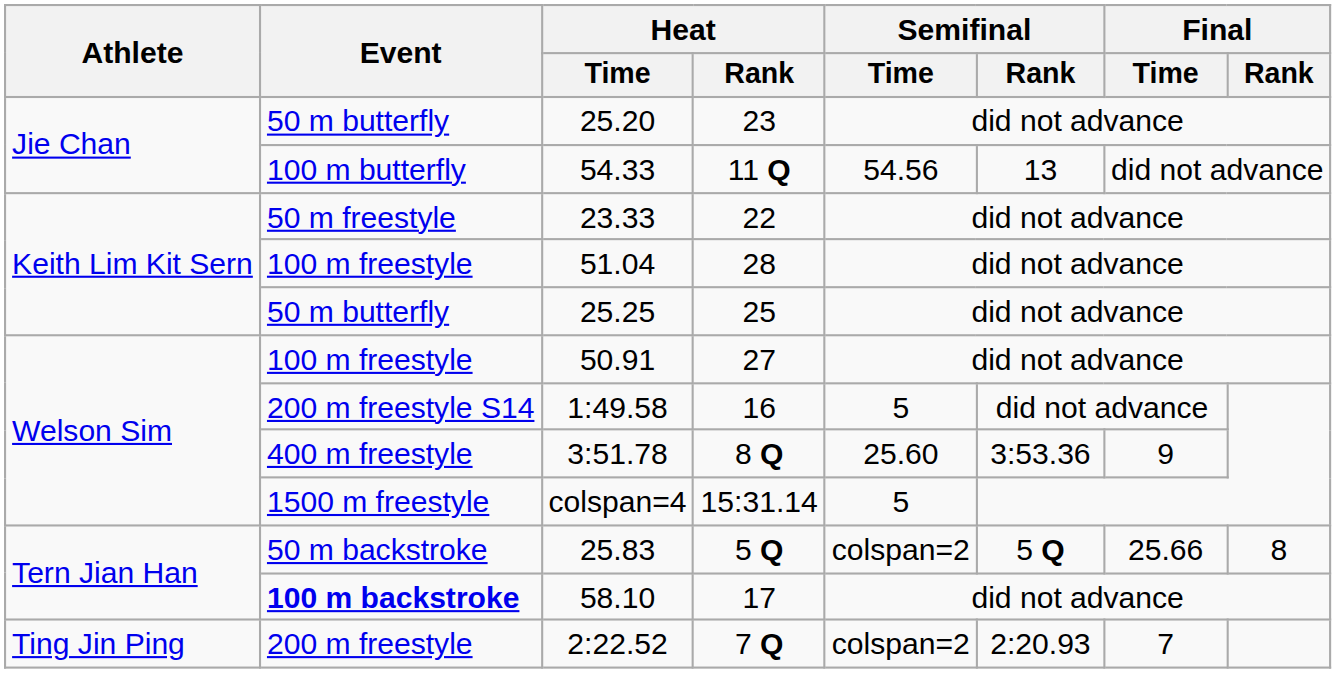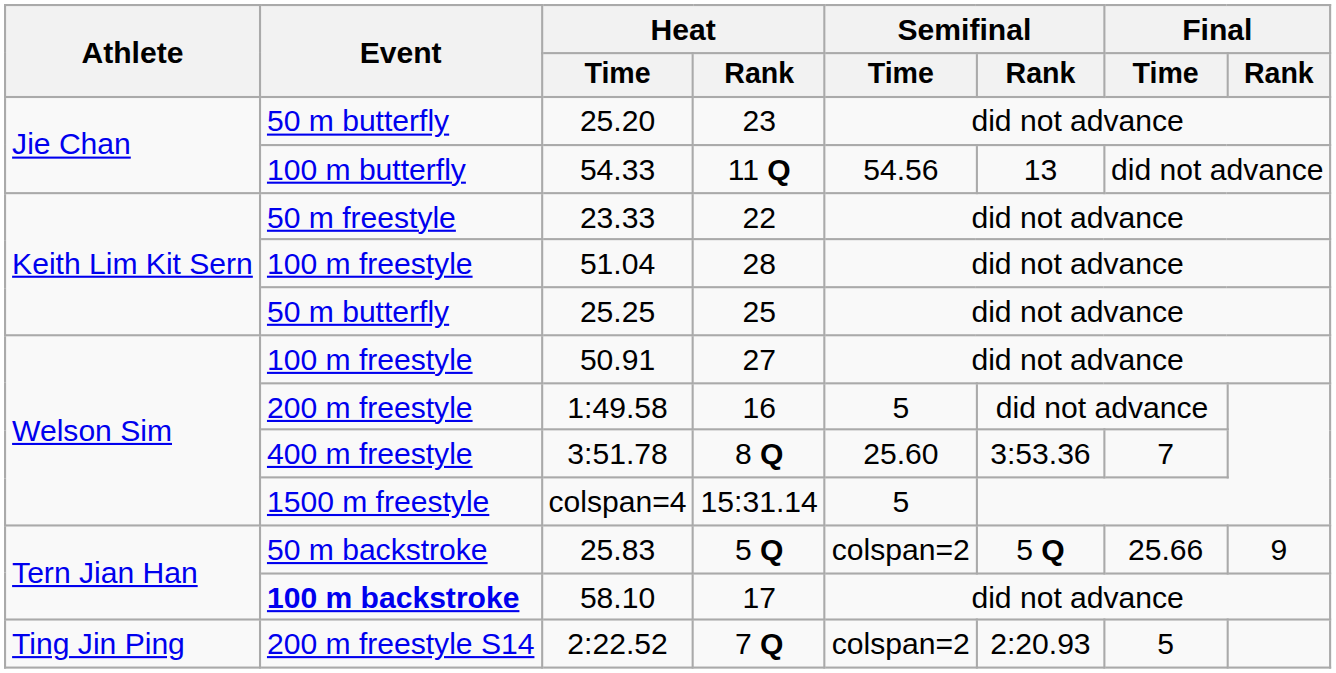 <table class=wikitable style=font-size:90%>
 <tr>
 <th rowspan=2>Athlete</th>
 <th rowspan=2>Event</th>
 <th colspan=2>Heat</th>
 <th colspan=2>Semifinal</th>
 <th colspan=2>Final</th>
 </tr>
 <tr style=font-size:95%>
 <th>Time</th>
 <th>Rank</th>
 <th>Time</th>
 <th>Rank</th>
 <th>Time</th>
 <th>Rank</th>
 </tr>
 <tr align=center>
 <td align=left rowspan=2><a href='#'>Jie Chan</a></td>
 <td align=left><a href='#'>50 m butterfly</a></td>
 <td>25.20</td>
 <td>23</td>
 <td colspan=4>did not advance</td>
 </tr>
 <tr align=center>
 <td align=left><a href='#'>100 m butterfly</a></td>
 <td>54.33</td>
 <td>11 <strong>Q</strong></td>
 <td>54.56</td>
 <td>13</td>
 <td colspan=2>did not advance</td>
 </tr>
 <tr align=center>
 <td align=left rowspan=3><a href='#'>Keith Lim Kit Sern</a></td>
 <td align=left><a href='#'>50 m freestyle</a></td>
 <td>23.33</td>
 <td>22</td>
 <td colspan=4>did not advance</td>
 </tr>
 <tr align=center>
 <td align=left><a href='#'>100 m freestyle</a></td>
 <td>51.04</td>
 <td>28</td>
 <td colspan=4>did not advance</td>
 </tr>
 <tr align=center>
 <td align=left><a href='#'>50 m butterfly</a></td>
 <td>25.25</td>
 <td>25</td>
 <td colspan=4>did not advance</td>
 </tr>
 <tr align=center>
 <td align=left rowspan=4><a href='#'>Welson Sim</a></td>
 <td align=left><a href='#'>100 m freestyle</a></td>
 <td>50.91</td>
 <td>27</td>
 <td colspan=4>did not advance</td>
 </tr>
 <tr align=center>
-<td align=left><a href='#'>200 m freestyle S14</a></td>
+<td align=left><a href='#'>200 m freestyle</a></td>
 <td>1:49.58</td>
 <td>16</td>
 <td>5</td>
 <td colspan=2>did not advance</td>
 </tr>
 <tr align=center>
 <td align=left><a href='#'>400 m freestyle</a></td>
 <td>3:51.78</td>
 <td>8 <strong>Q</strong></td>
 <td>25.60</td>
 <td>3:53.36</td>
-<td>9</td>
+<td>7</td>
 </tr>
 <tr align=center>
 <td align=left><a href='#'>1500 m freestyle</a></td>
 <td>colspan=4 </td>
 <td>15:31.14</td>
 <td>5</td>
 </tr>
 <tr align=center>
 <td align=left rowspan=2><a href='#'>Tern Jian Han</a></td>
 <td align=left><a href='#'>50 m backstroke</a></td>
 <td>25.83</td>
 <td>5 <strong>Q</strong></td>
 <td>colspan=2 </td>
 <td>5 <strong>Q</strong></td>
 <td>25.66</td>
-<td>8</td>
+<td>9</td>
 </tr>
 <tr align=center>
 <td align=left><strong><a href='#'>100 m backstroke</a></strong></td>
 <td>58.10</td>
 <td>17</td>
 <td colspan=4>did not advance</td>
 </tr>
 <tr align=center>
 <td align=left><a href='#'>Ting Jin Ping</a></td>
-<td align=left><a href='#'>200 m freestyle</a></td>
+<td align=left><a href='#'>200 m freestyle S14</a></td>
 <td>2:22.52</td>
 <td>7 <strong>Q</strong></td>
 <td>colspan=2 </td>
 <td>2:20.93</td>
-<td>7</td>
+<td>5</td>
 </tr>
 </table>
